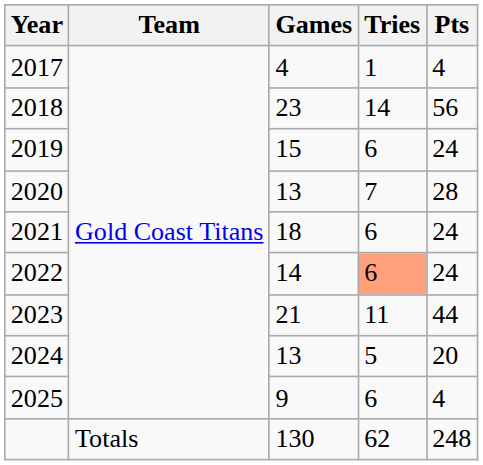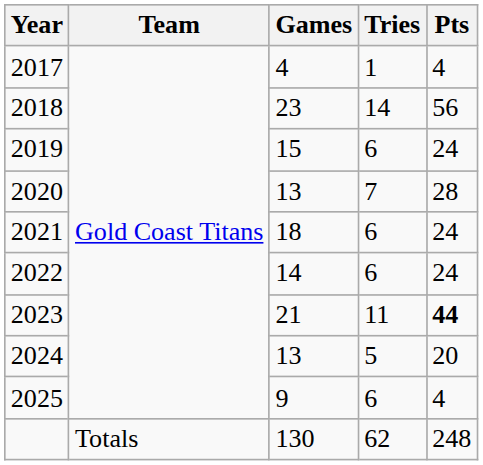 <table class="wikitable">
 <tr>
 <th>Year</th>
 <th>Team</th>
 <th>Games</th>
 <th>Tries</th>
 <th>Pts</th>
 </tr>
 <tr>
 <td>2017</td>
 <td rowspan="9"> <a href='#'>Gold Coast Titans</a></td>
 <td>4</td>
 <td>1</td>
 <td>4</td>
 </tr>
 <tr>
 <td>2018</td>
 <td>23</td>
 <td>14</td>
 <td>56</td>
 </tr>
 <tr>
 <td>2019</td>
 <td>15</td>
 <td>6</td>
 <td>24</td>
 </tr>
 <tr>
 <td>2020</td>
 <td>13</td>
 <td>7</td>
 <td>28</td>
 </tr>
 <tr>
 <td>2021</td>
 <td>18</td>
 <td>6</td>
 <td>24</td>
 </tr>
 <tr>
 <td>2022</td>
 <td>14</td>
-<td style="background: lightsalmon;">6</td>
+<td>6</td>
 <td>24</td>
 </tr>
 <tr>
 <td>2023</td>
 <td>21</td>
 <td>11</td>
-<td>44</td>
+<td><strong>44</strong></td>
 </tr>
 <tr>
 <td>2024</td>
 <td>13</td>
 <td>5</td>
 <td>20</td>
 </tr>
 <tr>
 <td>2025</td>
 <td>9</td>
 <td>6</td>
 <td>4</td>
 </tr>
 <tr>
 <td></td>
 <td>Totals</td>
 <td>130</td>
 <td>62</td>
 <td>248</td>
 </tr>
 </table>
